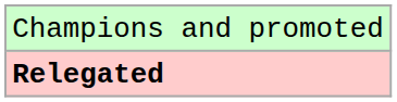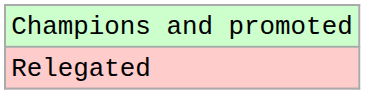 <table class="wikitable">
 <tr style="width:10px;background:#cfc">
 <td>Champions and promoted</td>
 </tr>
 <tr style="width:10px;background:#fcc">
-<td><strong>Relegated</strong></td>
+<td>Relegated</td>
 </tr>
 </table>
